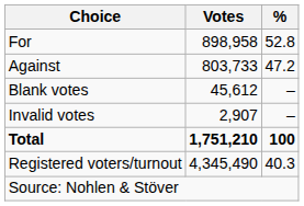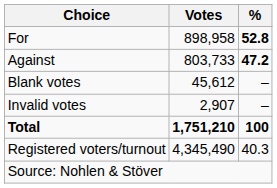 <table class=wikitable style=text-align:right>
 <tr>
 <th>Choice</th>
 <th>Votes</th>
 <th>%</th>
 </tr>
 <tr>
 <td align=left>For</td>
 <td>898,958</td>
-<td>52.8</td>
+<td><strong>52.8</strong></td>
 </tr>
 <tr>
 <td align=left>Against</td>
 <td>803,733</td>
-<td>47.2</td>
+<td><strong>47.2</strong></td>
 </tr>
 <tr>
 <td align=left>Blank votes</td>
 <td>45,612</td>
 <td>–</td>
 </tr>
 <tr>
 <td align=left>Invalid votes</td>
 <td>2,907</td>
 <td>–</td>
 </tr>
 <tr>
 <td align=left><strong>Total</strong></td>
 <td><strong>1,751,210</strong></td>
 <td><strong>100</strong></td>
 </tr>
 <tr>
 <td align=left>Registered voters/turnout</td>
 <td>4,345,490</td>
 <td>40.3</td>
 </tr>
 <tr>
 <td align=left colspan=3>Source: Nohlen & Stöver</td>
 </tr>
 </table>
